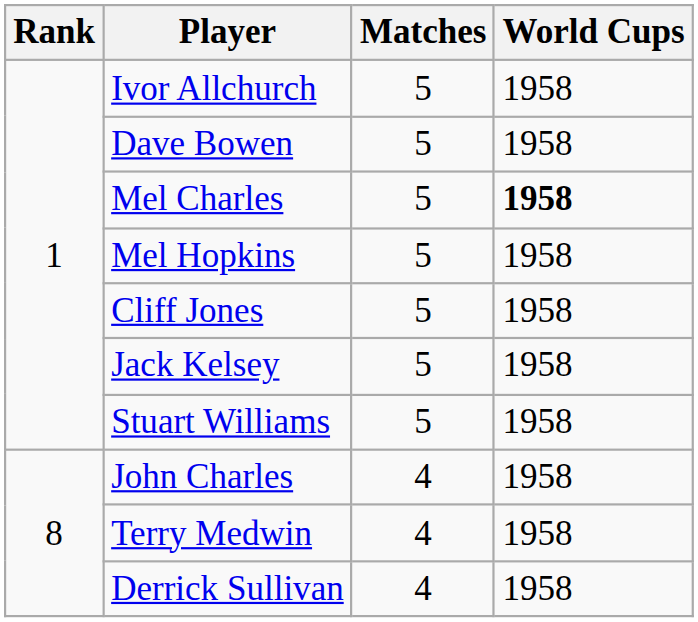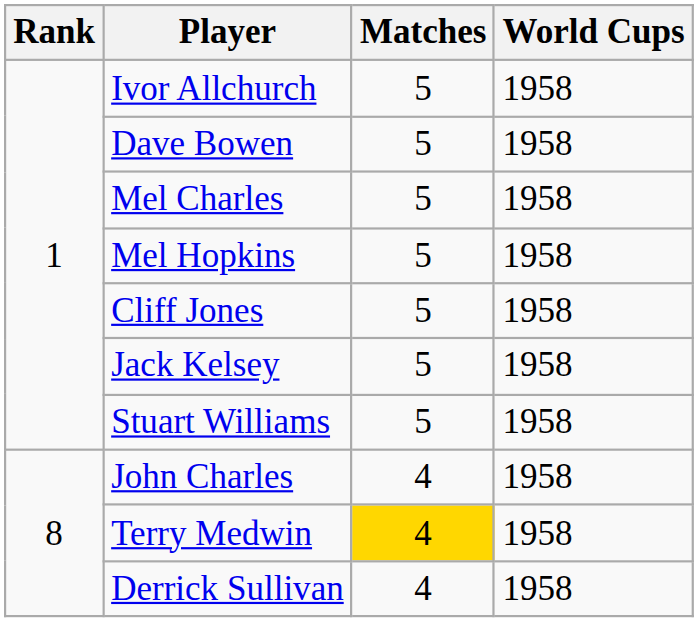 <table class="wikitable">
 <tr>
 <th>Rank</th>
 <th>Player</th>
 <th>Matches</th>
 <th>World Cups</th>
 </tr>
 <tr>
 <td rowspan=7 align=center>1</td>
 <td><a href='#'>Ivor Allchurch</a></td>
 <td align=center>5</td>
 <td>1958</td>
 </tr>
 <tr>
 <td><a href='#'>Dave Bowen</a></td>
 <td align=center>5</td>
 <td>1958</td>
 </tr>
 <tr>
 <td><a href='#'>Mel Charles</a></td>
 <td align=center>5</td>
-<td><strong>1958</strong></td>
+<td>1958</td>
 </tr>
 <tr>
 <td><a href='#'>Mel Hopkins</a></td>
 <td align=center>5</td>
 <td>1958</td>
 </tr>
 <tr>
 <td><a href='#'>Cliff Jones</a></td>
 <td align=center>5</td>
 <td>1958</td>
 </tr>
 <tr>
 <td><a href='#'>Jack Kelsey</a></td>
 <td align=center>5</td>
 <td>1958</td>
 </tr>
 <tr>
 <td><a href='#'>Stuart Williams</a></td>
 <td align=center>5</td>
 <td>1958</td>
 </tr>
 <tr>
 <td rowspan=3 align=center>8</td>
 <td><a href='#'>John Charles</a></td>
 <td align=center>4</td>
 <td>1958</td>
 </tr>
 <tr>
 <td><a href='#'>Terry Medwin</a></td>
-<td align=center>4</td>
+<td align=center style="background: gold;">4</td>
 <td>1958</td>
 </tr>
 <tr>
 <td><a href='#'>Derrick Sullivan</a></td>
 <td align=center>4</td>
 <td>1958</td>
 </tr>
 </table>
